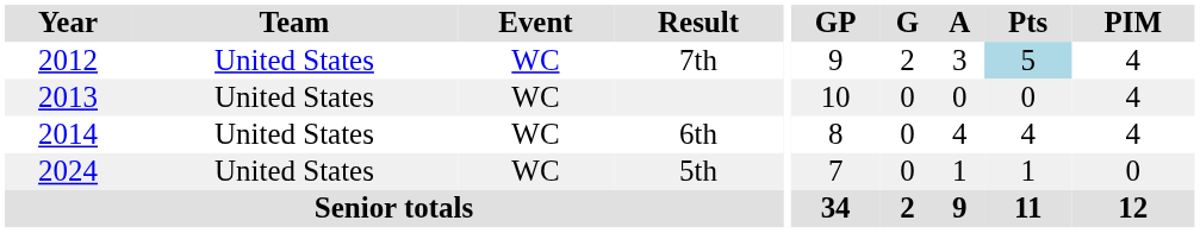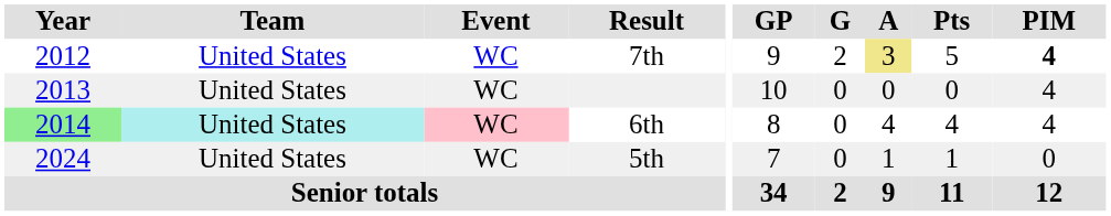 <table border="0" cellpadding="1" cellspacing="0" ID="Table3" style="text-align:center; width:40em">
 <tr ALIGN="center" bgcolor="#e0e0e0">
 <th>Year</th>
 <th>Team</th>
 <th>Event</th>
 <th>Result</th>
 <th rowspan="100" bgcolor="#ffffff"></th>
 <th>GP</th>
 <th>G</th>
 <th>A</th>
 <th>Pts</th>
 <th>PIM</th>
 </tr>
 <tr>
 <td><a href='#'>2012</a></td>
 <td><a href='#'>United States</a></td>
 <td><a href='#'>WC</a></td>
 <td>7th</td>
 <td>9</td>
 <td>2</td>
-<td>3</td>
-<td style="background: lightblue;">5</td>
-<td>4</td>
+<td style="background: khaki;">3</td>
+<td>5</td>
+<td><strong>4</strong></td>
 </tr>
 <tr bgcolor="#f0f0f0">
 <td><a href='#'>2013</a></td>
 <td>United States</td>
 <td>WC</td>
 <td></td>
 <td>10</td>
 <td>0</td>
 <td>0</td>
 <td>0</td>
 <td>4</td>
 </tr>
 <tr>
-<td><a href='#'>2014</a></td>
-<td>United States</td>
-<td>WC</td>
+<td style="background: lightgreen;"><a href='#'>2014</a></td>
+<td style="background: paleturquoise;">United States</td>
+<td style="background: pink;">WC</td>
 <td>6th</td>
 <td>8</td>
 <td>0</td>
 <td>4</td>
 <td>4</td>
 <td>4</td>
 </tr>
 <tr bgcolor="#f0f0f0">
 <td><a href='#'>2024</a></td>
 <td>United States</td>
 <td>WC</td>
 <td>5th</td>
 <td>7</td>
 <td>0</td>
 <td>1</td>
 <td>1</td>
 <td>0</td>
 </tr>
 <tr bgcolor="#e0e0e0">
 <th colspan="4">Senior totals</th>
 <th>34</th>
 <th>2</th>
 <th>9</th>
 <th>11</th>
 <th>12</th>
 </tr>
 </table>
